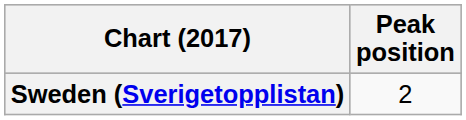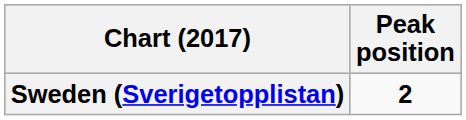 <table class="wikitable plainrowheaders" style="text-align:center">
 <tr>
 <th>Chart (2017)</th>
 <th>Peak<br>position</th>
 </tr>
 <tr>
 <th scope="row">Sweden (<a href='#'>Sverigetopplistan</a>)</th>
-<td>2</td>
+<td><strong>2</strong></td>
 </tr>
 </table>
